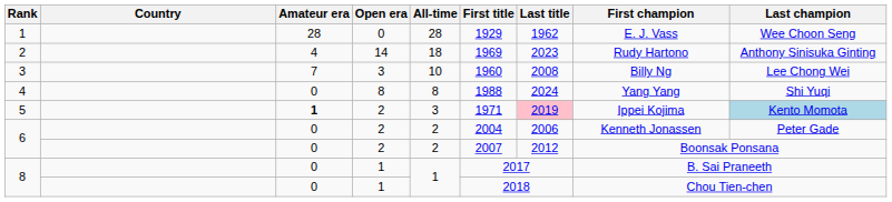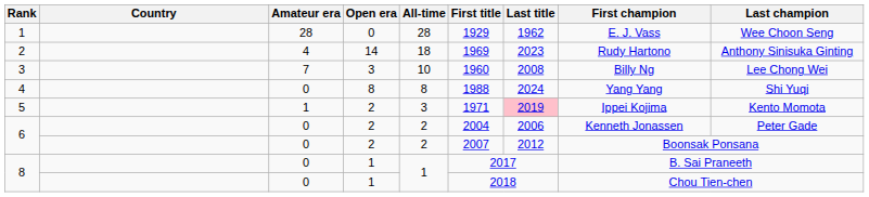 <table class="wikitable sortable">
 <tr>
 <th>Rank</th>
 <th style=width:19em>Country</th>
 <th>Amateur era</th>
 <th>Open era</th>
 <th>All-time</th>
 <th>First title</th>
 <th>Last title</th>
 <th width=200>First champion</th>
 <th width=200>Last champion</th>
 </tr>
 <tr>
 <td align=center>1</td>
 <td></td>
 <td align=center>28</td>
 <td align=center>0</td>
 <td align=center>28</td>
 <td align=center><a href='#'>1929</a></td>
 <td align=center><a href='#'>1962</a></td>
 <td align=center><a href='#'>E. J. Vass</a></td>
 <td align=center><a href='#'>Wee Choon Seng</a></td>
 </tr>
 <tr>
 <td align=center>2</td>
 <td></td>
 <td align=center>4</td>
 <td align=center>14</td>
 <td align=center>18</td>
 <td align=center><a href='#'>1969</a></td>
 <td align=center><a href='#'>2023</a></td>
 <td align=center><a href='#'>Rudy Hartono</a></td>
 <td align=center><a href='#'>Anthony Sinisuka Ginting</a></td>
 </tr>
 <tr>
 <td align=center>3</td>
 <td></td>
 <td align=center>7</td>
 <td align=center>3</td>
 <td align=center>10</td>
 <td align=center><a href='#'>1960</a></td>
 <td align=center><a href='#'>2008</a></td>
 <td align=center><a href='#'>Billy Ng</a></td>
 <td align=center><a href='#'>Lee Chong Wei</a></td>
 </tr>
 <tr>
 <td align=center>4</td>
 <td></td>
 <td align=center>0</td>
 <td align=center>8</td>
 <td align=center>8</td>
 <td align=center><a href='#'>1988</a></td>
 <td align=center><a href='#'>2024</a></td>
 <td align=center><a href='#'>Yang Yang</a></td>
 <td align=center><a href='#'>Shi Yuqi</a></td>
 </tr>
 <tr>
 <td align=center>5</td>
 <td></td>
-<td align=center><strong>1</strong></td>
+<td align=center>1</td>
 <td align=center>2</td>
 <td align=center>3</td>
 <td align=center><a href='#'>1971</a></td>
 <td align=center style="background: pink;"><a href='#'>2019</a></td>
 <td align=center><a href='#'>Ippei Kojima</a></td>
-<td align=center style="background: lightblue;"><a href='#'>Kento Momota</a></td>
+<td align=center><a href='#'>Kento Momota</a></td>
 </tr>
 <tr>
 <td rowspan=2 align=center>6</td>
 <td></td>
 <td align=center>0</td>
 <td align=center>2</td>
 <td align=center>2</td>
 <td align=center><a href='#'>2004</a></td>
 <td align=center><a href='#'>2006</a></td>
 <td align=center><a href='#'>Kenneth Jonassen</a></td>
 <td align=center><a href='#'>Peter Gade</a></td>
 </tr>
 <tr>
 <td></td>
 <td align=center>0</td>
 <td align=center>2</td>
 <td align=center>2</td>
 <td align=center><a href='#'>2007</a></td>
 <td align=center><a href='#'>2012</a></td>
 <td colspan="2" align=center><a href='#'>Boonsak Ponsana</a></td>
 </tr>
 <tr>
 <td rowspan=2 align=center>8</td>
 <td></td>
 <td align=center>0</td>
 <td align=center>1</td>
 <td rowspan=3 align=center>1</td>
 <td colspan="2" align=center><a href='#'>2017</a></td>
 <td colspan="2" align=center><a href='#'>B. Sai Praneeth</a></td>
 </tr>
 <tr>
 <td></td>
 <td align=center>0</td>
 <td align=center>1</td>
 <td colspan="2" align=center><a href='#'>2018</a></td>
 <td colspan="2" align=center><a href='#'>Chou Tien-chen</a></td>
 </tr>
 </table>
